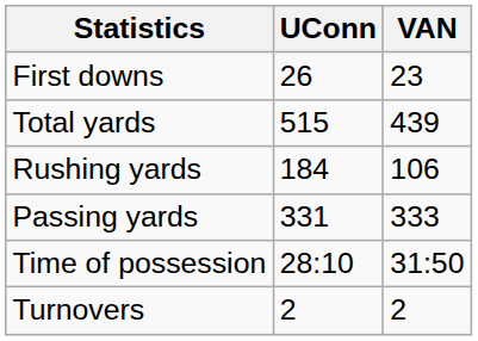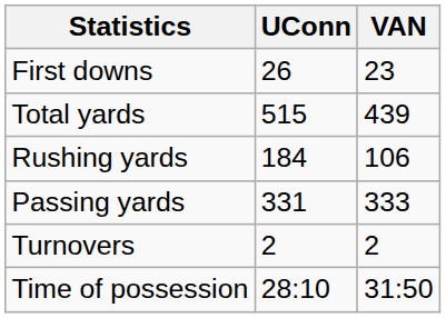 <table class="wikitable">
 <tr>
 <th>Statistics</th>
 <th>UConn</th>
 <th>VAN</th>
 </tr>
 <tr>
 <td>First downs</td>
 <td>26</td>
 <td>23</td>
 </tr>
 <tr>
 <td>Total yards</td>
 <td>515</td>
 <td>439</td>
 </tr>
 <tr>
 <td>Rushing yards</td>
 <td>184</td>
 <td>106</td>
 </tr>
 <tr>
 <td>Passing yards</td>
 <td>331</td>
 <td>333</td>
 </tr>
 <tr>
+<td>Turnovers</td>
+<td>2</td>
+<td>2</td>
+</tr>
+<tr>
 <td>Time of possession</td>
 <td>28:10</td>
 <td>31:50</td>
 </tr>
-<tr>
-<td>Turnovers</td>
-<td>2</td>
-<td>2</td>
-</tr>
 </table>
